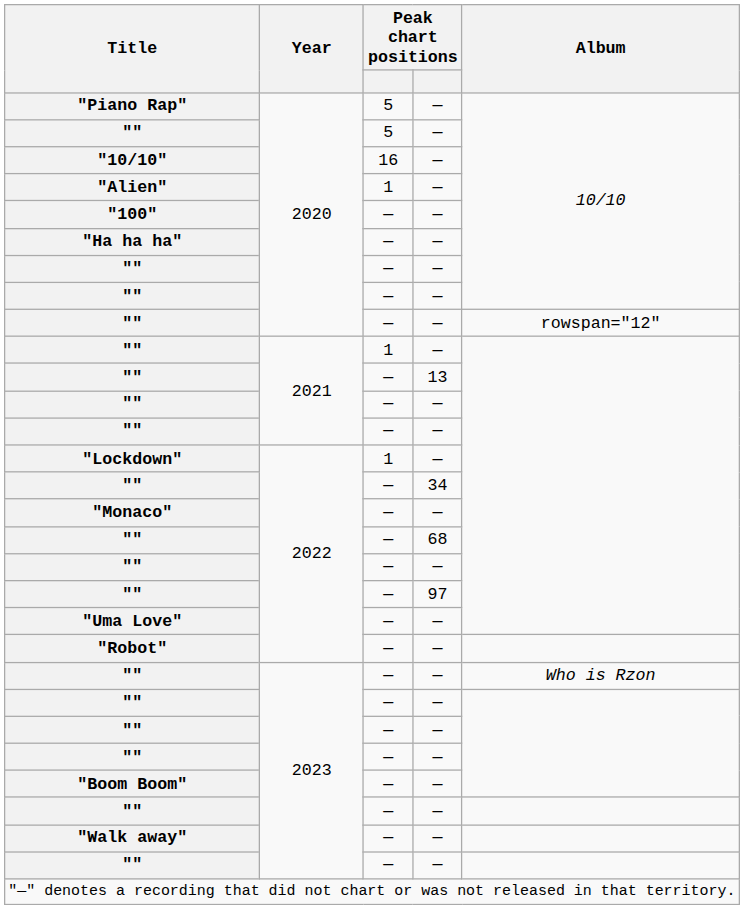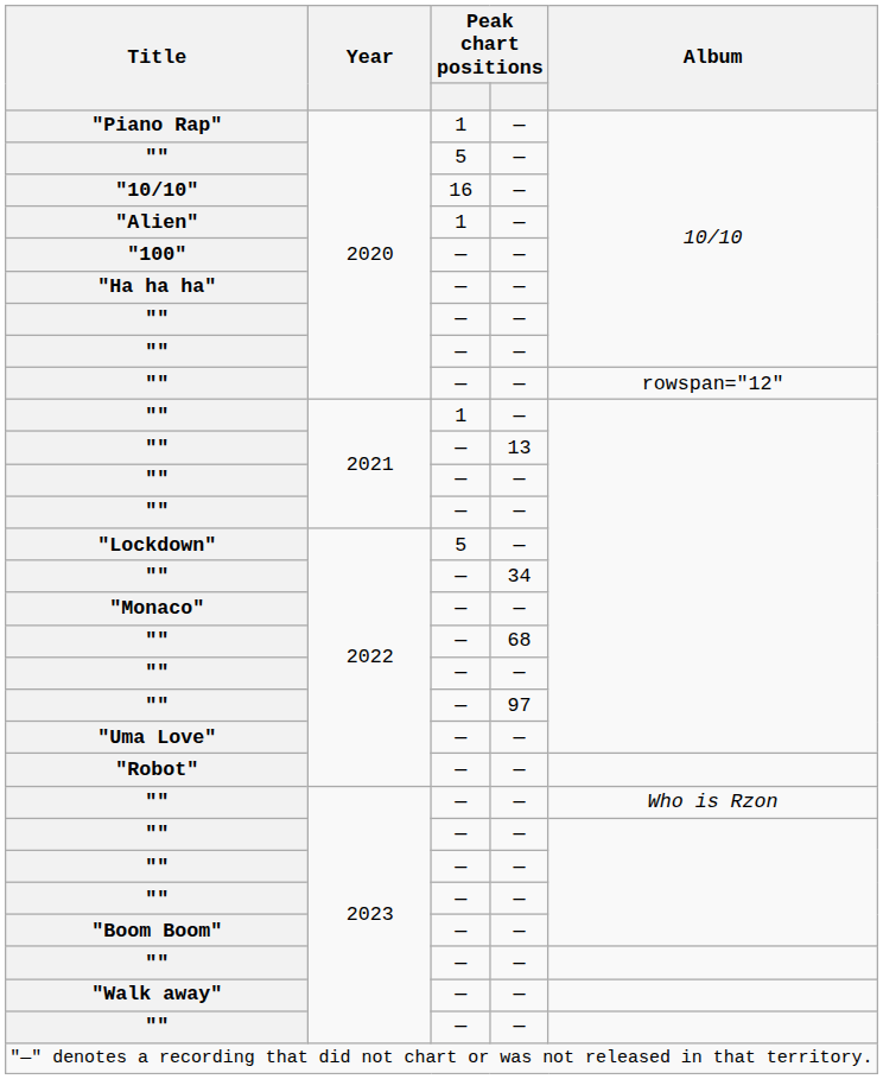 <table class="wikitable plainrowheaders" style="text-align:center;">
 <tr>
 <th scope="col" rowspan="2">Title</th>
 <th scope="col" rowspan="2">Year</th>
 <th scope="col" colspan="2">Peak chart positions</th>
 <th scope="col" rowspan="2">Album</th>
 </tr>
 <tr>
 <th style="width:3em; font-size:85%;"><a href='#'></a><br></th>
 <th style="width:3em; font-size:85%;"><a href='#'></a><br></th>
 </tr>
 <tr>
 <th scope="row">"Piano Rap"</th>
 <td rowspan="9">2020</td>
-<td>5</td>
+<td>1</td>
 <td>—</td>
 <td rowspan="8"><em>10/10</em></td>
 </tr>
 <tr>
 <th scope="row">""</th>
 <td>5</td>
 <td>—</td>
 </tr>
 <tr>
 <th scope="row">"10/10"</th>
 <td>16</td>
 <td>—</td>
 </tr>
 <tr>
 <th scope="row">"Alien"</th>
 <td>1</td>
 <td>—</td>
 </tr>
 <tr>
 <th scope="row">"100"<br></th>
 <td>—</td>
 <td>—</td>
 </tr>
 <tr>
 <th scope="row">"Ha ha ha"<br></th>
 <td>—</td>
 <td>—</td>
 </tr>
 <tr>
 <th scope="row">""</th>
 <td>—</td>
 <td>—</td>
 </tr>
 <tr>
 <th scope="row">""<br></th>
 <td>—</td>
 <td>—</td>
 </tr>
 <tr>
 <th scope="row">""</th>
 <td>—</td>
 <td>—</td>
 <td>rowspan="12" </td>
 </tr>
 <tr>
 <th scope="row">""</th>
 <td rowspan="4">2021</td>
 <td>1</td>
 <td>—</td>
 </tr>
 <tr>
 <th scope="row">""<br></th>
 <td>—</td>
 <td>13</td>
 </tr>
 <tr>
 <th scope="row">""<br></th>
 <td>—</td>
 <td>—</td>
 </tr>
 <tr>
 <th scope="row">""<br></th>
 <td>—</td>
 <td>—</td>
 </tr>
 <tr>
 <th scope="row">"Lockdown"</th>
 <td rowspan="8">2022</td>
-<td>1</td>
+<td>5</td>
 <td>—</td>
 </tr>
 <tr>
 <th scope="row">""<br></th>
 <td>—</td>
 <td>34</td>
 </tr>
 <tr>
 <th scope="row">"Monaco"</th>
 <td>—</td>
 <td>—</td>
 </tr>
 <tr>
 <th scope="row">""<br></th>
 <td>—</td>
 <td>68</td>
 </tr>
 <tr>
 <th scope="row">""<br></th>
 <td>—</td>
 <td>—</td>
 </tr>
 <tr>
 <th scope="row">""<br></th>
 <td>—</td>
 <td>97</td>
 </tr>
 <tr>
 <th scope="row">"Uma Love"<br></th>
 <td>—</td>
 <td>—</td>
 </tr>
 <tr>
 <th scope="row">"Robot"</th>
 <td>—</td>
 <td>—</td>
 <td></td>
 </tr>
 <tr>
 <th scope="row">""<br></th>
 <td rowspan="8">2023</td>
 <td>—</td>
 <td>—</td>
 <td><em>Who is Rzon</em></td>
 </tr>
 <tr>
 <th scope="row">""</th>
 <td>—</td>
 <td>—</td>
 <td rowspan="4"></td>
 </tr>
 <tr>
 <th scope="row">""</th>
 <td>—</td>
 <td>—</td>
 </tr>
 <tr>
 <th scope="row">""</th>
 <td>—</td>
 <td>—</td>
 </tr>
 <tr>
 <th scope="row">"Boom Boom"<br></th>
 <td>—</td>
 <td>—</td>
 </tr>
 <tr>
 <th scope="row">""<br></th>
 <td>—</td>
 <td>—</td>
 <td></td>
 </tr>
 <tr>
 <th scope="row">"Walk away"<br></th>
 <td>—</td>
 <td>—</td>
 <td></td>
 </tr>
 <tr>
 <th scope="row">""<br></th>
 <td>—</td>
 <td>—</td>
 <td></td>
 </tr>
 <tr>
 <td colspan="5" style="font-size:90%">"—" denotes a recording that did not chart or was not released in that territory.</td>
 </tr>
 </table>
